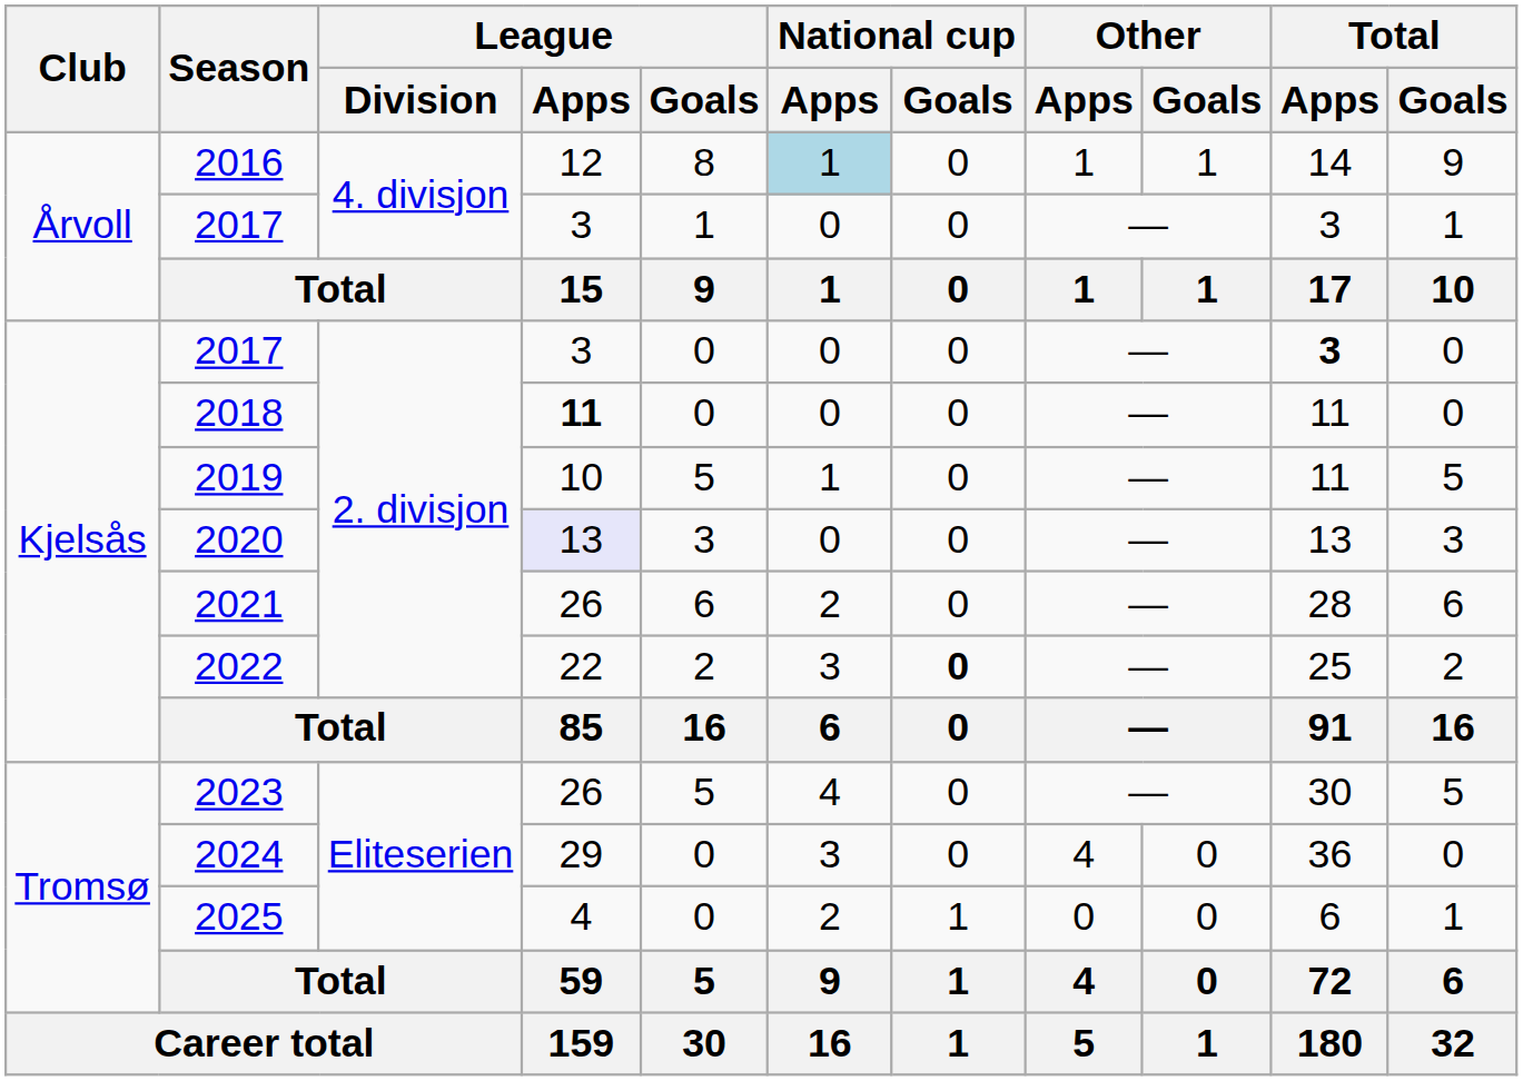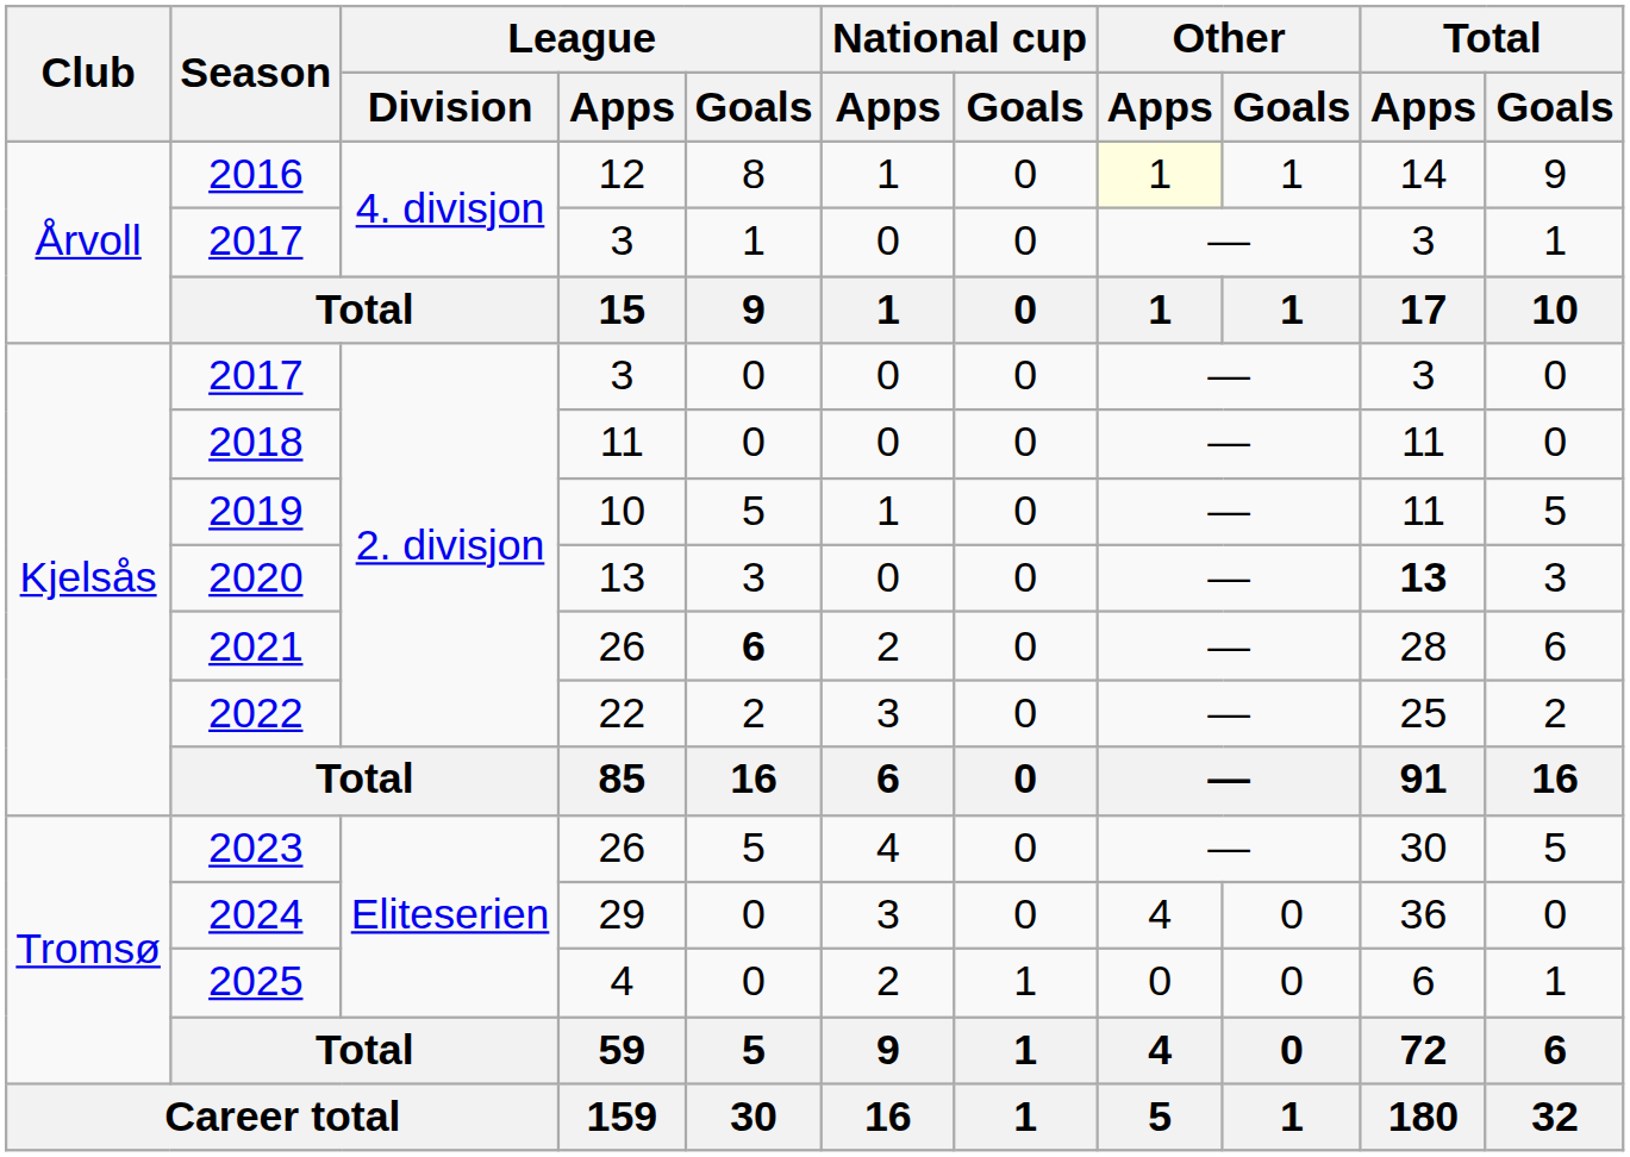 <table class="wikitable" style="text-align: center;">
 <tr>
 <th rowspan="2">Club</th>
 <th rowspan="2">Season</th>
 <th colspan="3">League</th>
 <th colspan="2">National cup</th>
 <th colspan="2">Other</th>
 <th colspan="2">Total</th>
 </tr>
 <tr>
 <th>Division</th>
 <th>Apps</th>
 <th>Goals</th>
 <th>Apps</th>
 <th>Goals</th>
 <th>Apps</th>
 <th>Goals</th>
 <th>Apps</th>
 <th>Goals</th>
 </tr>
 <tr>
 <td rowspan="3"><a href='#'>Årvoll</a></td>
 <td><a href='#'>2016</a></td>
 <td rowspan="2"><a href='#'>4. divisjon</a></td>
 <td>12</td>
 <td>8</td>
-<td style="background: lightblue;">1</td>
+<td>1</td>
 <td>0</td>
-<td>1</td>
+<td style="background: lightyellow;">1</td>
 <td>1</td>
 <td>14</td>
 <td>9</td>
 </tr>
 <tr>
 <td><a href='#'>2017</a></td>
 <td>3</td>
 <td>1</td>
 <td>0</td>
 <td>0</td>
 <td colspan="2">—</td>
 <td>3</td>
 <td>1</td>
 </tr>
 <tr>
 <th colspan="2">Total</th>
 <th>15</th>
 <th>9</th>
 <th>1</th>
 <th>0</th>
 <th>1</th>
 <th>1</th>
 <th>17</th>
 <th>10</th>
 </tr>
 <tr>
 <td rowspan="7"><a href='#'>Kjelsås</a></td>
 <td><a href='#'>2017</a></td>
 <td rowspan="6"><a href='#'>2. divisjon</a></td>
 <td>3</td>
 <td>0</td>
 <td>0</td>
 <td>0</td>
 <td colspan="2">—</td>
-<td><strong>3</strong></td>
+<td>3</td>
 <td>0</td>
 </tr>
 <tr>
 <td><a href='#'>2018</a></td>
-<td><strong>11</strong></td>
+<td>11</td>
 <td>0</td>
 <td>0</td>
 <td>0</td>
 <td colspan="2">—</td>
 <td>11</td>
 <td>0</td>
 </tr>
 <tr>
 <td><a href='#'>2019</a></td>
 <td>10</td>
 <td>5</td>
 <td>1</td>
 <td>0</td>
 <td colspan="2">—</td>
 <td>11</td>
 <td>5</td>
 </tr>
 <tr>
 <td><a href='#'>2020</a></td>
-<td style="background: lavender;">13</td>
+<td>13</td>
 <td>3</td>
 <td>0</td>
 <td>0</td>
 <td colspan="2">—</td>
-<td>13</td>
+<td><strong>13</strong></td>
 <td>3</td>
 </tr>
 <tr>
 <td><a href='#'>2021</a></td>
 <td>26</td>
-<td>6</td>
+<td><strong>6</strong></td>
 <td>2</td>
 <td>0</td>
 <td colspan="2">—</td>
 <td>28</td>
 <td>6</td>
 </tr>
 <tr>
 <td><a href='#'>2022</a></td>
 <td>22</td>
 <td>2</td>
 <td>3</td>
-<td><strong>0</strong></td>
+<td>0</td>
 <td colspan="2">—</td>
 <td>25</td>
 <td>2</td>
 </tr>
 <tr>
 <th colspan="2">Total</th>
 <th>85</th>
 <th>16</th>
 <th>6</th>
 <th>0</th>
 <th colspan="2">—</th>
 <th>91</th>
 <th>16</th>
 </tr>
 <tr>
 <td rowspan=4><a href='#'>Tromsø</a></td>
 <td><a href='#'>2023</a></td>
 <td rowspan=3><a href='#'>Eliteserien</a></td>
 <td>26</td>
 <td>5</td>
 <td>4</td>
 <td>0</td>
 <td colspan=2>—</td>
 <td>30</td>
 <td>5</td>
 </tr>
 <tr>
 <td><a href='#'>2024</a></td>
 <td>29</td>
 <td>0</td>
 <td>3</td>
 <td>0</td>
 <td>4</td>
 <td>0</td>
 <td>36</td>
 <td>0</td>
 </tr>
 <tr>
 <td><a href='#'>2025</a></td>
 <td>4</td>
 <td>0</td>
 <td>2</td>
 <td>1</td>
 <td>0</td>
 <td>0</td>
 <td>6</td>
 <td>1</td>
 </tr>
 <tr>
 <th colspan=2>Total</th>
 <th>59</th>
 <th>5</th>
 <th>9</th>
 <th>1</th>
 <th>4</th>
 <th>0</th>
 <th>72</th>
 <th>6</th>
 </tr>
 <tr>
 <th colspan=3>Career total</th>
 <th>159</th>
 <th>30</th>
 <th>16</th>
 <th>1</th>
 <th>5</th>
 <th>1</th>
 <th>180</th>
 <th>32</th>
 </tr>
 </table>
